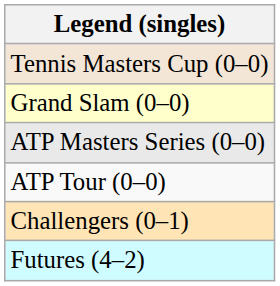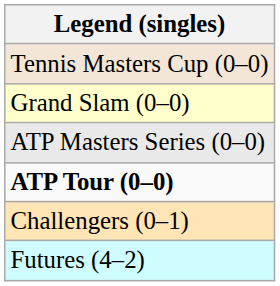 <table class="wikitable">
 <tr>
 <th>Legend (singles)</th>
 </tr>
 <tr style="background:#f3e6d7;">
 <td>Tennis Masters Cup (0–0)</td>
 </tr>
 <tr style="background:#ffc;">
 <td>Grand Slam (0–0)</td>
 </tr>
 <tr style="background:#e9e9e9;">
 <td>ATP Masters Series (0–0)</td>
 </tr>
 <tr>
-<td>ATP Tour (0–0)</td>
+<td><strong>ATP Tour (0–0)</strong></td>
 </tr>
 <tr style="background:moccasin;">
 <td>Challengers (0–1)</td>
 </tr>
 <tr style="background:#cffcff;">
 <td>Futures (4–2)</td>
 </tr>
 </table>
